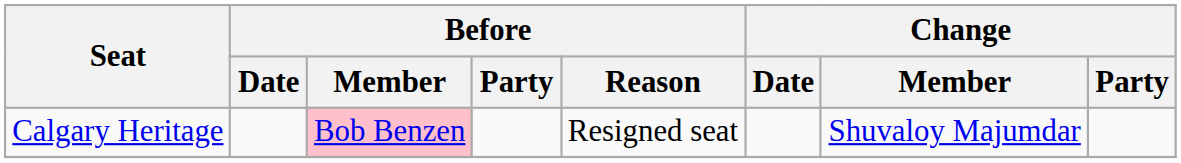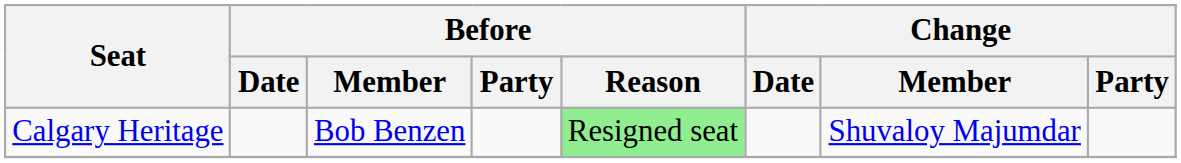 <table class="wikitable"  style="font-size:90%;">
 <tr>
 <th rowspan="2">Seat</th>
 <th colspan="4">Before</th>
 <th colspan="3">Change</th>
 </tr>
 <tr>
 <th>Date</th>
 <th>Member</th>
 <th>Party</th>
 <th>Reason</th>
 <th>Date</th>
 <th>Member</th>
 <th>Party</th>
 </tr>
 <tr>
 <td><a href='#'>Calgary Heritage</a></td>
 <td></td>
-<td style="background: pink;"><a href='#'>Bob Benzen</a></td>
+<td><a href='#'>Bob Benzen</a></td>
 <td></td>
-<td>Resigned seat</td>
+<td style="background: lightgreen;">Resigned seat</td>
 <td><a href='#'></a></td>
 <td><a href='#'>Shuvaloy Majumdar</a></td>
 <td></td>
 </tr>
 <tr>
 </tr>
 </table>
